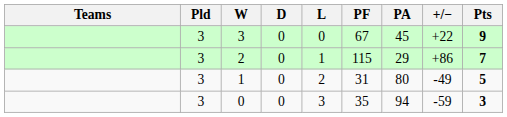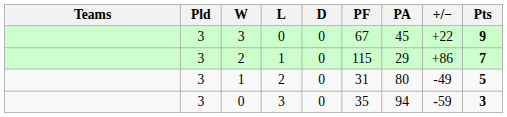 <table class="wikitable" style="text-align: center;">
 <tr>
 <th width="200">Teams</th>
 <th width="40">Pld</th>
 <th width="40">W</th>
+<th width="40">L</th>
 <th width="40">D</th>
-<th width="40">L</th>
 <th width="40">PF</th>
 <th width="40">PA</th>
 <th width="40">+/−</th>
 <th width="40">Pts</th>
 </tr>
 <tr bgcolor=ccffcc>
 <td align=left></td>
 <td>3</td>
 <td>3</td>
 <td>0</td>
 <td>0</td>
 <td>67</td>
 <td>45</td>
 <td>+22</td>
 <td><strong>9</strong></td>
 </tr>
 <tr bgcolor=ccffcc>
 <td align=left></td>
 <td>3</td>
 <td>2</td>
+<td>1</td>
 <td>0</td>
-<td>1</td>
 <td>115</td>
 <td>29</td>
 <td>+86</td>
 <td><strong>7</strong></td>
 </tr>
 <tr>
 <td align=left></td>
 <td>3</td>
 <td>1</td>
+<td>2</td>
 <td>0</td>
-<td>2</td>
 <td>31</td>
 <td>80</td>
 <td>-49</td>
 <td><strong>5</strong></td>
 </tr>
 <tr>
 <td align=left></td>
 <td>3</td>
 <td>0</td>
+<td>3</td>
 <td>0</td>
-<td>3</td>
 <td>35</td>
 <td>94</td>
 <td>-59</td>
 <td><strong>3</strong></td>
 </tr>
 </table>
